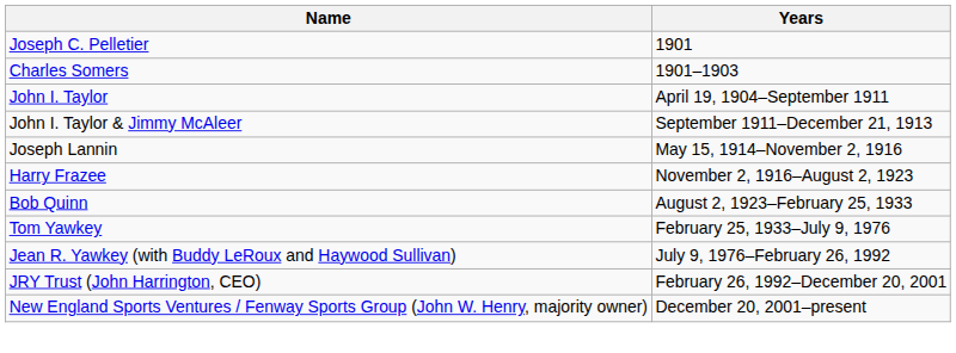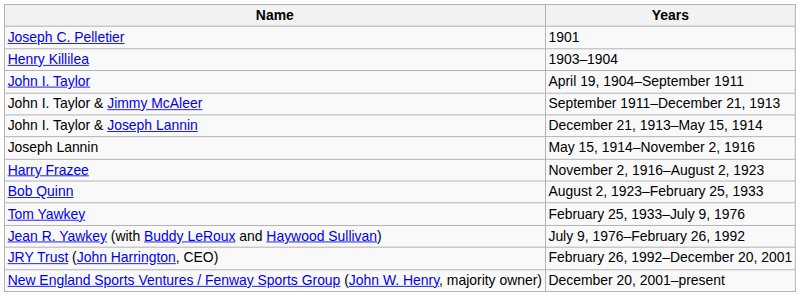 <table class="wikitable">
 <tr>
 <th>Name</th>
 <th>Years</th>
 </tr>
 <tr>
 <td><a href='#'>Joseph C. Pelletier</a></td>
 <td>1901</td>
 </tr>
 <tr>
-<td><a href='#'>Charles Somers</a></td>
-<td>1901–1903</td>
+<td><a href='#'>Henry Killilea</a></td>
+<td>1903–1904</td>
 </tr>
 <tr>
 <td><a href='#'>John I. Taylor</a></td>
 <td>April 19, 1904–September 1911</td>
 </tr>
 <tr>
 <td>John I. Taylor & <a href='#'>Jimmy McAleer</a></td>
 <td>September 1911–December 21, 1913</td>
+</tr>
+<tr>
+<td>John I. Taylor & <a href='#'>Joseph Lannin</a></td>
+<td>December 21, 1913–May 15, 1914</td>
 </tr>
 <tr>
 <td>Joseph Lannin</td>
 <td>May 15, 1914–November 2, 1916</td>
 </tr>
 <tr>
 <td><a href='#'>Harry Frazee</a></td>
 <td>November 2, 1916–August 2, 1923</td>
 </tr>
 <tr>
 <td><a href='#'>Bob Quinn</a></td>
 <td>August 2, 1923–February 25, 1933</td>
 </tr>
 <tr>
 <td><a href='#'>Tom Yawkey</a></td>
 <td>February 25, 1933–July 9, 1976</td>
 </tr>
 <tr>
 <td><a href='#'>Jean R. Yawkey</a> (with <a href='#'>Buddy LeRoux</a> and <a href='#'>Haywood Sullivan</a>)</td>
 <td>July 9, 1976–February 26, 1992</td>
 </tr>
 <tr>
 <td><a href='#'>JRY Trust</a> (<a href='#'>John Harrington</a>, CEO)</td>
 <td>February 26, 1992–December 20, 2001</td>
 </tr>
 <tr>
 <td><a href='#'>New England Sports Ventures / Fenway Sports Group</a> (<a href='#'>John W. Henry</a>, majority owner)</td>
 <td>December 20, 2001–present</td>
 </tr>
 </table>
